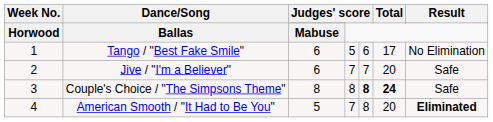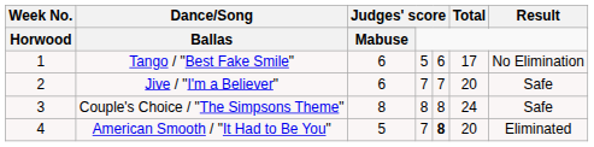 <table class="wikitable sortable" style="margin:auto; text-align:center;">
 <tr>
 <th rowspan="2" align="Center"><strong>Week No.</strong></th>
 <th rowspan="2" align="Center"><strong>Dance/Song</strong></th>
 <th colspan="3" align="Center"><strong>Judges' score</strong></th>
 <th rowspan="2" align="Center"><strong>Total</strong></th>
 <th rowspan="2" align="Center"><strong>Result</strong></th>
 </tr>
 <tr>
 </tr>
 <tr>
 <th style= width="10%" align="center">Horwood</th>
 <th style= width="10%" align="center">Ballas</th>
 <th style= width="10%" align="center">Mabuse</th>
 </tr>
 <tr>
 <td style="text-align:center; background:#faf6f6;">1</td>
 <td style="text-align:center; background:#faf6f6;"><a href='#'>Tango</a> / "<a href='#'>Best Fake Smile</a>"</td>
 <td style="text-align:center; background:#faf6f6;">6</td>
 <td style="text-align:center; background:#faf6f6;">5</td>
 <td style="text-align:center; background:#faf6f6;">6</td>
 <td style="text-align:center; background:#faf6f6;">17</td>
 <td style="text-align:center; background:#faf6f6;">No Elimination</td>
 </tr>
 <tr>
 <td style="text-align:center; background:#faf6f6;">2</td>
 <td style="text-align:center; background:#faf6f6;"><a href='#'>Jive</a> / "<a href='#'>I'm a Believer</a>"</td>
 <td style="text-align:center; background:#faf6f6;">6</td>
 <td style="text-align:center; background:#faf6f6;">7</td>
 <td style="text-align:center; background:#faf6f6;">7</td>
 <td style="text-align:center; background:#faf6f6;">20</td>
 <td style="text-align:center; background:#faf6f6;">Safe</td>
 </tr>
 <tr>
 <td style="text-align:center; background:#faf6f6;">3</td>
 <td style="text-align:center; background:#faf6f6;">Couple's Choice / "<a href='#'>The Simpsons Theme</a>"</td>
 <td style="text-align:center; background:#faf6f6;">8</td>
 <td style="text-align:center; background:#faf6f6;">8</td>
-<td style="text-align:center; background:#faf6f6;"><strong>8</strong></td>
-<td style="text-align:center; background:#faf6f6;"><strong>24</strong></td>
+<td style="text-align:center; background:#faf6f6;">8</td>
+<td style="text-align:center; background:#faf6f6;">24</td>
 <td style="text-align:center; background:#faf6f6;">Safe</td>
 </tr>
 <tr>
 <td style="text-align:center; background:#faf6f6;">4</td>
 <td style="text-align:center; background:#faf6f6;"><a href='#'>American Smooth</a> / "<a href='#'>It Had to Be You</a>"</td>
 <td style="text-align:center; background:#faf6f6;">5</td>
 <td style="text-align:center; background:#faf6f6;">7</td>
-<td style="text-align:center; background:#faf6f6;">8</td>
+<td style="text-align:center; background:#faf6f6;"><strong>8</strong></td>
 <td style="text-align:center; background:#faf6f6;">20</td>
-<td style="text-align:center; background:#faf6f6;"><strong>Eliminated</strong></td>
+<td style="text-align:center; background:#faf6f6;">Eliminated</td>
 </tr>
 </table>
